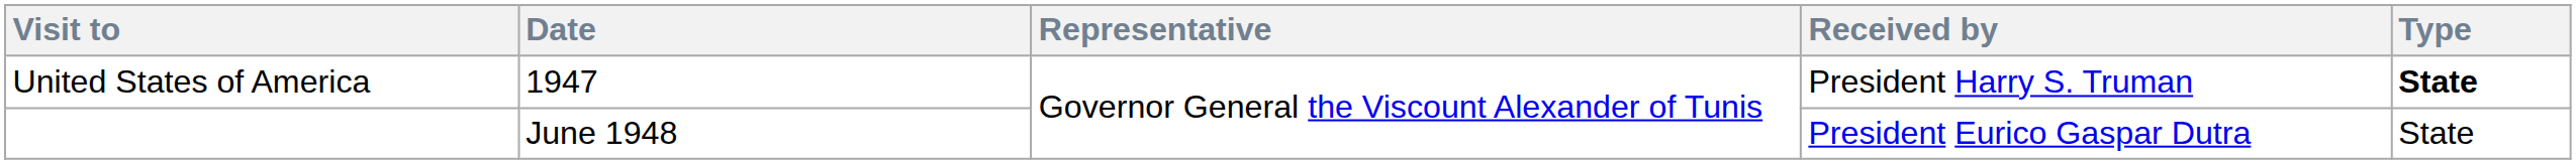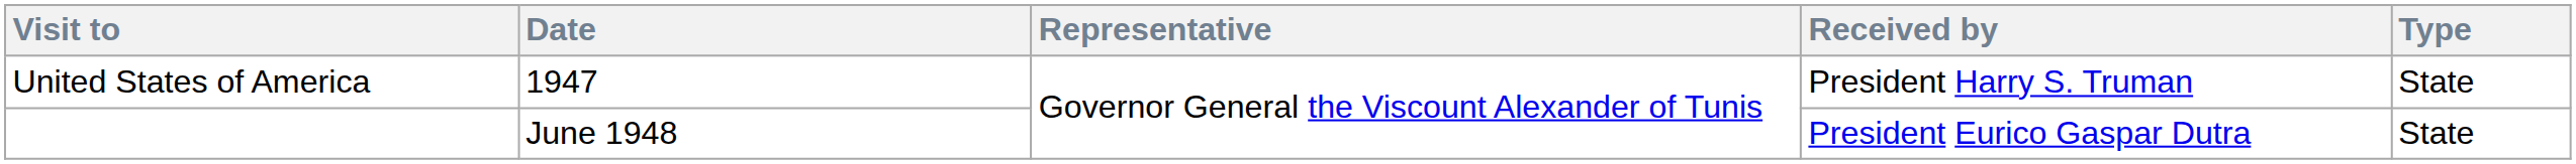 <table class="wikitable" style="width:100%; margin: 1em 1em 1em 0; background:white; border-collapse: collapse;">
 <tr bgcolor="#F8F4FF">
 <th style="width:20%; text-align:left; color:#708090;">Visit to</th>
 <th style="width:20%; text-align:left; color:#708090;">Date</th>
 <th style="width:30%; text-align:left; color:#708090;">Representative</th>
 <th style="width:23%; text-align:left; color:#708090;">Received by</th>
 <th style="width:10%; text-align:left; color:#708090;">Type</th>
 </tr>
 <tr>
 <td> United States of America</td>
 <td>1947</td>
 <td rowspan="2">Governor General <a href='#'>the Viscount Alexander of Tunis</a></td>
 <td>President <a href='#'>Harry S. Truman</a></td>
-<td><strong>State</strong></td>
+<td>State</td>
 </tr>
 <tr>
 <td></td>
 <td>June 1948</td>
 <td><a href='#'>President</a> <a href='#'>Eurico Gaspar Dutra</a></td>
 <td>State</td>
 </tr>
 </table>
